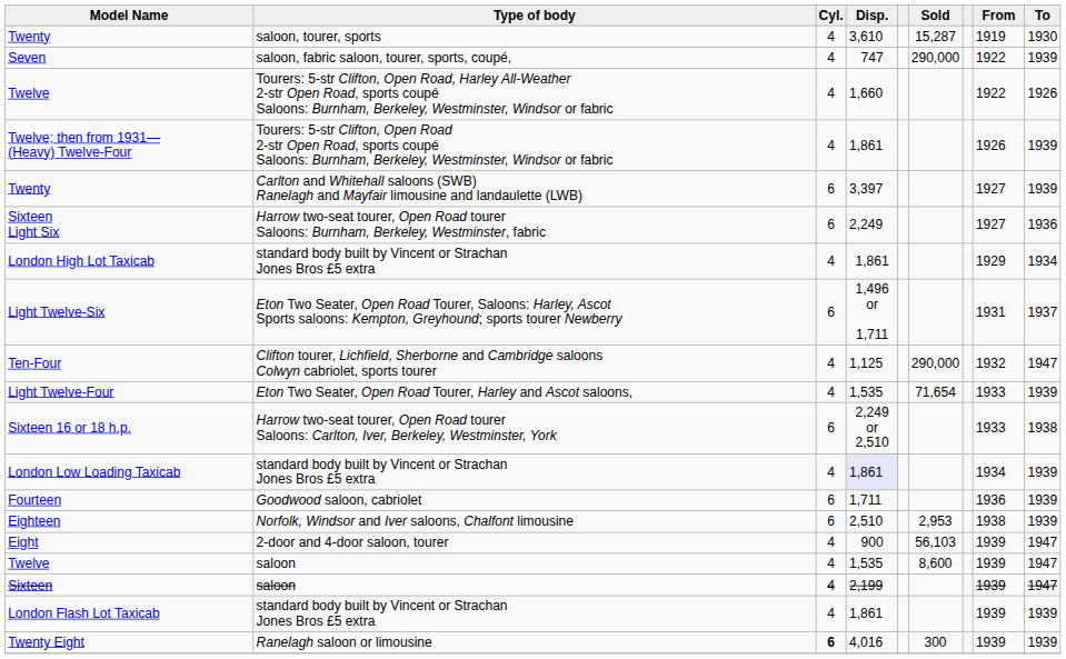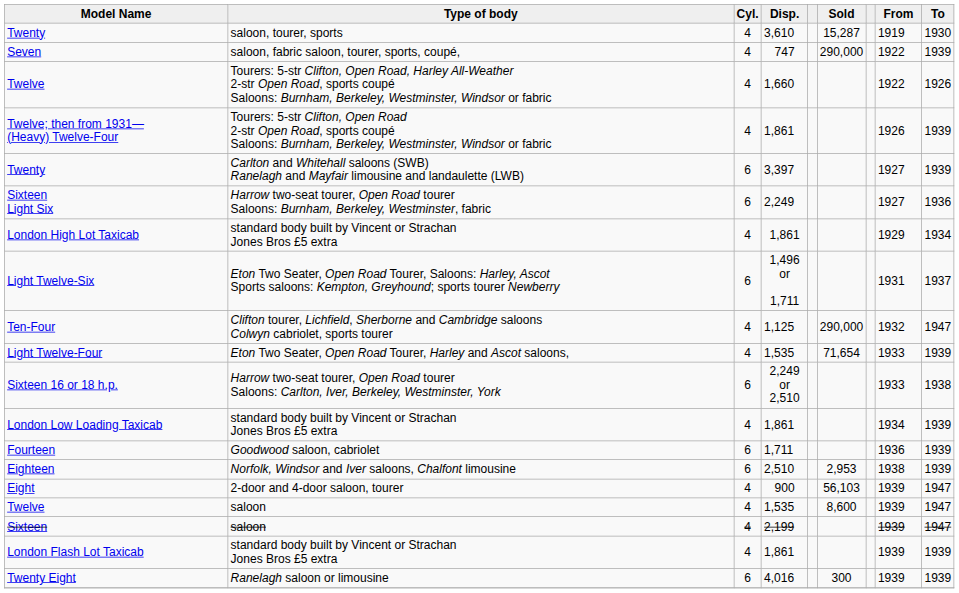 <table class="wikitable" style="width:80%">
 <tr>
 <th style="background:#efefef; width:25%"><strong>Model Name</strong></th>
 <th style="background:#efefef; width:57%"><strong>Type of body</strong></th>
 <th style="background:#efefef; width:1%"><strong>Cyl.</strong></th>
 <th style="background:#efefef; width:5%"><strong>Disp.</strong></th>
 <th style="background:#efefef; width:1%"><strong> </strong></th>
 <th style="background:#efefef; width:5%"><strong> Sold </strong></th>
 <th style="background:#efefef; width:1%"><strong> </strong></th>
 <th style="background:#efefef; width:5%"><strong>From</strong></th>
 <th style="background:#efefef; width:5%"><strong>To</strong></th>
 </tr>
 <tr>
 <td><a href='#'>Twenty</a></td>
 <td>saloon, tourer, sports</td>
 <td style="text-align:center;">4</td>
 <td>3,610</td>
 <td></td>
 <td style="text-align:center;">15,287</td>
 <td></td>
 <td>1919</td>
 <td>1930</td>
 </tr>
 <tr>
 <td><a href='#'>Seven</a></td>
 <td>saloon, fabric saloon, tourer, sports, coupé,</td>
 <td style="text-align:center;">4</td>
 <td style="text-align:center;">747</td>
 <td></td>
 <td style="text-align:center;">290,000</td>
 <td></td>
 <td>1922</td>
 <td>1939</td>
 </tr>
 <tr>
 <td><a href='#'>Twelve</a></td>
 <td>Tourers: 5-str <em>Clifton, Open Road, Harley All-Weather</em><br>2-str <em>Open Road</em>, sports coupé<br>Saloons: <em>Burnham, Berkeley, Westminster, Windsor</em> or fabric</td>
 <td style="text-align:center;">4</td>
 <td>1,660</td>
 <td></td>
 <td></td>
 <td></td>
 <td>1922</td>
 <td>1926</td>
 </tr>
 <tr>
 <td><a href='#'>Twelve; then from 1931—<br>(Heavy) Twelve-Four</a></td>
 <td>Tourers: 5-str <em>Clifton, Open Road</em><br>2-str <em>Open Road</em>, sports coupé<br>Saloons: <em>Burnham, Berkeley, Westminster, Windsor</em> or fabric</td>
 <td style="text-align:center;">4</td>
 <td>1,861</td>
 <td></td>
 <td></td>
 <td></td>
 <td>1926</td>
 <td>1939</td>
 </tr>
 <tr>
 <td><a href='#'>Twenty</a></td>
 <td><em>Carlton</em> and <em>Whitehall</em> saloons (SWB)<br><em>Ranelagh</em> and <em>Mayfair</em> limousine and landaulette (LWB)</td>
 <td style="text-align:center;">6</td>
 <td>3,397</td>
 <td></td>
 <td></td>
 <td></td>
 <td>1927</td>
 <td>1939</td>
 </tr>
 <tr>
 <td><a href='#'>Sixteen<br>Light Six</a></td>
 <td><em>Harrow</em> two-seat tourer, <em>Open Road</em> tourer<br>Saloons: <em>Burnham, Berkeley, Westminster</em>, fabric</td>
 <td style="text-align:center;">6</td>
 <td>2,249</td>
 <td></td>
 <td></td>
 <td></td>
 <td>1927</td>
 <td>1936</td>
 </tr>
 <tr>
 <td><a href='#'>London High Lot Taxicab</a></td>
 <td>standard body built by Vincent or Strachan<br>Jones Bros £5 extra</td>
 <td style="text-align:center;">4</td>
 <td style="text-align:center;">1,861</td>
 <td></td>
 <td></td>
 <td></td>
 <td>1929</td>
 <td>1934</td>
 </tr>
 <tr>
 <td><a href='#'>Light Twelve-Six</a></td>
 <td><em>Eton</em> Two Seater, <em>Open Road</em> Tourer, Saloons: <em>Harley, Ascot</em><br>Sports saloons: <em>Kempton, Greyhound</em>; sports tourer <em>Newberry</em></td>
 <td style="text-align:center;">6</td>
 <td style="text-align:center;">1,496<br>or<br><br>1,711</td>
 <td></td>
 <td></td>
 <td></td>
 <td>1931</td>
 <td>1937</td>
 </tr>
 <tr>
 <td><a href='#'>Ten-Four</a></td>
 <td><em>Clifton</em> tourer, <em>Lichfield</em>, <em>Sherborne</em> and <em>Cambridge</em> saloons<br><em>Colwyn</em> cabriolet, sports tourer</td>
 <td style="text-align:center;">4</td>
 <td>1,125</td>
 <td></td>
 <td style="text-align:center;">290,000</td>
 <td></td>
 <td>1932</td>
 <td>1947</td>
 </tr>
 <tr>
 <td><a href='#'>Light Twelve-Four</a></td>
 <td><em>Eton</em> Two Seater, <em>Open Road</em> Tourer, <em>Harley</em> and <em>Ascot</em> saloons,</td>
 <td style="text-align:center;">4</td>
 <td>1,535</td>
 <td></td>
 <td style="text-align:center;">71,654</td>
 <td></td>
 <td>1933</td>
 <td>1939</td>
 </tr>
 <tr>
 <td><a href='#'>Sixteen 16 or 18 h.p.</a></td>
 <td><em>Harrow</em> two-seat tourer, <em>Open Road</em> tourer<br>Saloons: <em>Carlton, Iver, Berkeley, Westminster, York</em></td>
 <td style="text-align:center;">6</td>
 <td style="text-align:center;">2,249<br>or<br>2,510</td>
 <td></td>
 <td></td>
 <td></td>
 <td>1933</td>
 <td>1938</td>
 </tr>
 <tr>
 <td><a href='#'>London Low Loading Taxicab</a></td>
 <td>standard body built by Vincent or Strachan<br>Jones Bros £5 extra</td>
 <td style="text-align:center;">4</td>
-<td style="background: lavender;">1,861</td>
+<td>1,861</td>
 <td></td>
 <td></td>
 <td></td>
 <td>1934</td>
 <td>1939</td>
 </tr>
 <tr>
 <td><a href='#'>Fourteen</a></td>
 <td><em>Goodwood</em> saloon, cabriolet</td>
 <td style="text-align:center;">6</td>
 <td>1,711</td>
 <td></td>
 <td></td>
 <td></td>
 <td>1936</td>
 <td>1939</td>
 </tr>
 <tr>
 <td><a href='#'>Eighteen</a></td>
 <td><em>Norfolk, Windsor</em> and <em>Iver</em> saloons, <em>Chalfont</em> limousine</td>
 <td style="text-align:center;">6</td>
 <td>2,510</td>
 <td></td>
 <td style="text-align:center;">2,953</td>
 <td></td>
 <td>1938</td>
 <td>1939</td>
 </tr>
 <tr>
 <td><a href='#'>Eight</a></td>
 <td>2-door and 4-door saloon, tourer</td>
 <td style="text-align:center;">4</td>
 <td style="text-align:center;">900</td>
 <td></td>
 <td style="text-align:center;">56,103</td>
 <td></td>
 <td>1939</td>
 <td>1947</td>
 </tr>
 <tr>
 <td><a href='#'>Twelve</a></td>
 <td>saloon</td>
 <td style="text-align:center;">4</td>
 <td>1,535</td>
 <td></td>
 <td style="text-align:center;">8,600</td>
 <td></td>
 <td>1939</td>
 <td>1947</td>
 </tr>
 <tr>
 <td><s><a href='#'>Sixteen</a></s></td>
 <td><s>saloon</s></td>
 <td style="text-align:center;"><s>4</s></td>
 <td><s>2,199</s></td>
 <td></td>
 <td></td>
 <td></td>
 <td><s>1939</s></td>
 <td><s>1947</s></td>
 </tr>
 <tr>
 <td><a href='#'>London Flash Lot Taxicab</a></td>
 <td>standard body built by Vincent or Strachan<br>Jones Bros £5 extra</td>
 <td style="text-align:center;">4</td>
 <td>1,861</td>
 <td></td>
 <td></td>
 <td></td>
 <td>1939</td>
 <td>1939</td>
 </tr>
 <tr>
 <td><a href='#'>Twenty Eight</a></td>
 <td><em>Ranelagh</em> saloon or limousine</td>
-<td style="text-align:center;"><strong>6</strong></td>
+<td style="text-align:center;">6</td>
 <td>4,016</td>
 <td></td>
 <td style="text-align:center;">300</td>
 <td></td>
 <td>1939</td>
 <td>1939</td>
 </tr>
 <tr>
 </tr>
 </table>
